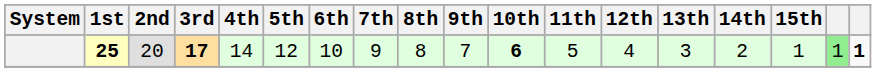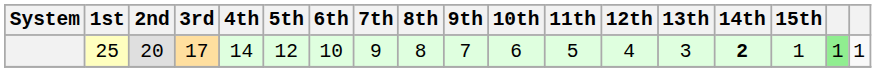 <table class="wikitable" style="font-size:85%; text-align:center;">
 <tr>
 <th>System</th>
 <th>1st</th>
 <th>2nd</th>
 <th>3rd</th>
 <th>4th</th>
 <th>5th</th>
 <th>6th</th>
 <th>7th</th>
 <th>8th</th>
 <th>9th</th>
 <th>10th</th>
 <th>11th</th>
 <th>12th</th>
 <th>13th</th>
 <th>14th</th>
 <th>15th</th>
 <th></th>
 <th></th>
 </tr>
 <tr>
 <th></th>
-<td style="background:#ffffbf;"><strong>25</strong></td>
+<td style="background:#ffffbf;">25</td>
 <td style="background:#dfdfdf;">20</td>
-<td style="background:#ffdf9f;"><strong>17</strong></td>
+<td style="background:#ffdf9f;">17</td>
 <td style="background:#dfffdf;">14</td>
 <td style="background:#dfffdf;">12</td>
 <td style="background:#dfffdf;">10</td>
 <td style="background:#dfffdf;">9</td>
 <td style="background:#dfffdf;">8</td>
 <td style="background:#dfffdf;">7</td>
-<td style="background:#dfffdf;"><strong>6</strong></td>
+<td style="background:#dfffdf;">6</td>
 <td style="background:#dfffdf;">5</td>
 <td style="background:#dfffdf;">4</td>
 <td style="background:#dfffdf;">3</td>
-<td style="background:#dfffdf;">2</td>
+<td style="background:#dfffdf;"><strong>2</strong></td>
 <td style="background:#dfffdf;">1</td>
 <td style="background: lightgreen;">1</td>
-<td><strong>1</strong></td>
+<td>1</td>
 </tr>
 <tr>
 </tr>
 </table>
